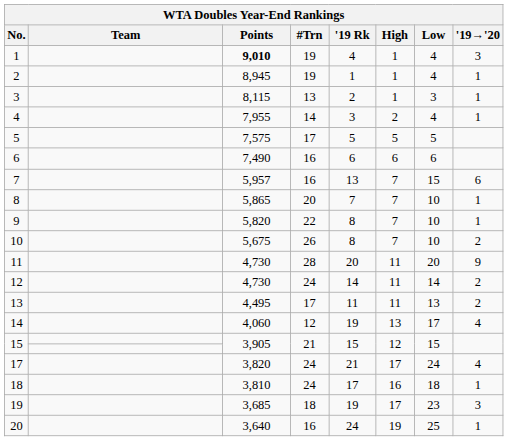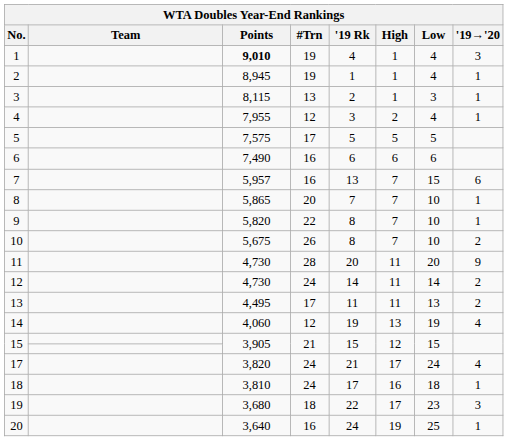 <table class=wikitable style=font-size:95%;text-align:center>
 <tr>
 <th colspan="8">WTA Doubles Year-End Rankings</th>
 </tr>
 <tr>
 <th width="20">No.</th>
 <th width="230">Team</th>
 <th width="75">Points</th>
 <th width=40>#Trn</th>
 <th width=50>'19 Rk</th>
 <th width=40>High</th>
 <th width=40>Low</th>
 <th width=50>'19→'20</th>
 </tr>
 <tr style="text-align:center;">
 <td>1</td>
 <td style="text-align:left;"></td>
 <td><strong>9,010</strong></td>
 <td>19</td>
 <td>4</td>
 <td>1</td>
 <td>4</td>
 <td> 3</td>
 </tr>
 <tr style="text-align:center;">
 <td>2</td>
 <td style="text-align:left;"></td>
 <td>8,945</td>
 <td>19</td>
 <td>1</td>
 <td>1</td>
 <td>4</td>
 <td> 1</td>
 </tr>
 <tr style="text-align:center;">
 <td>3</td>
 <td style="text-align:left;"></td>
 <td>8,115</td>
 <td>13</td>
 <td>2</td>
 <td>1</td>
 <td>3</td>
 <td> 1</td>
 </tr>
 <tr style="text-align:center;">
 <td>4</td>
 <td style="text-align:left;"></td>
 <td>7,955</td>
-<td>14</td>
+<td>12</td>
 <td>3</td>
 <td>2</td>
 <td>4</td>
 <td> 1</td>
 </tr>
 <tr style="text-align:center;">
 <td>5</td>
 <td style="text-align:left;"></td>
 <td>7,575</td>
 <td>17</td>
 <td>5</td>
 <td>5</td>
 <td>5</td>
 <td></td>
 </tr>
 <tr style="text-align:center;">
 <td>6</td>
 <td style="text-align:left;"></td>
 <td>7,490</td>
 <td>16</td>
 <td>6</td>
 <td>6</td>
 <td>6</td>
 <td></td>
 </tr>
 <tr style="text-align:center;">
 <td>7</td>
 <td style="text-align:left;"></td>
 <td>5,957</td>
 <td>16</td>
 <td>13</td>
 <td>7</td>
 <td>15</td>
 <td> 6</td>
 </tr>
 <tr style="text-align:center;">
 <td>8</td>
 <td style="text-align:left;"></td>
 <td>5,865</td>
 <td>20</td>
 <td>7</td>
 <td>7</td>
 <td>10</td>
 <td> 1</td>
 </tr>
 <tr style="text-align:center;">
 <td>9</td>
 <td style="text-align:left;"></td>
 <td>5,820</td>
 <td>22</td>
 <td>8</td>
 <td>7</td>
 <td>10</td>
 <td> 1</td>
 </tr>
 <tr style="text-align:center;">
 <td>10</td>
 <td style="text-align:left;"></td>
 <td>5,675</td>
 <td>26</td>
 <td>8</td>
 <td>7</td>
 <td>10</td>
 <td> 2</td>
 </tr>
 <tr style="text-align:center;">
 <td>11</td>
 <td style="text-align:left;"></td>
 <td>4,730</td>
 <td>28</td>
 <td>20</td>
 <td>11</td>
 <td>20</td>
 <td> 9</td>
 </tr>
 <tr style="text-align:center;">
 <td>12</td>
 <td style="text-align:left;"></td>
 <td>4,730</td>
 <td>24</td>
 <td>14</td>
 <td>11</td>
 <td>14</td>
 <td> 2</td>
 </tr>
 <tr style="text-align:center;">
 <td>13</td>
 <td style="text-align:left;"></td>
 <td>4,495</td>
 <td>17</td>
 <td>11</td>
 <td>11</td>
 <td>13</td>
 <td> 2</td>
 </tr>
 <tr style="text-align:center;">
 <td>14</td>
 <td style="text-align:left;"></td>
 <td>4,060</td>
 <td>12</td>
 <td>19</td>
 <td>13</td>
-<td>17</td>
+<td>19</td>
 <td> 4</td>
 </tr>
 <tr style="text-align:center;">
 <td rowspan=2>15</td>
 <td style="text-align:left;"></td>
 <td rowspan=2>3,905</td>
 <td rowspan=2>21</td>
 <td rowspan=2>15</td>
 <td rowspan=2>12</td>
 <td rowspan=2>15</td>
 <td rowspan=2></td>
 </tr>
 <tr style="text-align:center;">
 <td style="text-align:left;"></td>
 </tr>
 <tr style="text-align:center;">
 <td>17</td>
 <td style="text-align:left;"></td>
 <td>3,820</td>
 <td>24</td>
 <td>21</td>
 <td>17</td>
 <td>24</td>
 <td> 4</td>
 </tr>
 <tr style="text-align:center;">
 <td>18</td>
 <td style="text-align:left;"></td>
 <td>3,810</td>
 <td>24</td>
 <td>17</td>
 <td>16</td>
 <td>18</td>
 <td> 1</td>
 </tr>
 <tr style="text-align:center;">
 <td>19</td>
 <td style="text-align:left;"></td>
-<td>3,685</td>
+<td>3,680</td>
 <td>18</td>
-<td>19</td>
+<td>22</td>
 <td>17</td>
 <td>23</td>
 <td> 3</td>
 </tr>
 <tr style="text-align:center;">
 <td>20</td>
 <td style="text-align:left;"></td>
 <td>3,640</td>
 <td>16</td>
 <td>24</td>
 <td>19</td>
 <td>25</td>
 <td> 1</td>
 </tr>
 </table>
